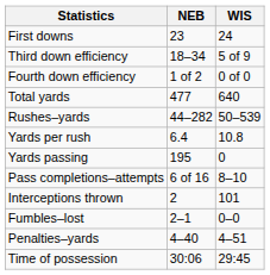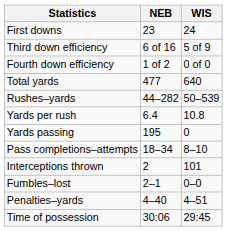 <table class="wikitable" style="float: left;">
 <tr>
 <th>Statistics</th>
 <th>NEB</th>
 <th>WIS</th>
 </tr>
 <tr>
 <td>First downs</td>
 <td>23</td>
 <td>24</td>
 </tr>
 <tr>
 <td>Third down efficiency</td>
-<td>18–34</td>
+<td>6 of 16</td>
 <td>5 of 9</td>
 </tr>
 <tr>
 <td>Fourth down efficiency</td>
 <td>1 of 2</td>
 <td>0 of 0</td>
 </tr>
 <tr>
 <td>Total yards</td>
 <td>477</td>
 <td>640</td>
 </tr>
 <tr>
 <td>Rushes–yards</td>
 <td>44–282</td>
 <td>50–539</td>
 </tr>
 <tr>
 <td>Yards per rush</td>
 <td>6.4</td>
 <td>10.8</td>
 </tr>
 <tr>
 <td>Yards passing</td>
 <td>195</td>
 <td>0</td>
 </tr>
 <tr>
 <td>Pass completions–attempts</td>
-<td>6 of 16</td>
+<td>18–34</td>
 <td>8–10</td>
 </tr>
 <tr>
 <td>Interceptions thrown</td>
 <td>2</td>
 <td>101</td>
 </tr>
 <tr>
 <td>Fumbles–lost</td>
 <td>2–1</td>
 <td>0–0</td>
 </tr>
 <tr>
 <td>Penalties–yards</td>
 <td>4–40</td>
 <td>4–51</td>
 </tr>
 <tr>
 <td>Time of possession</td>
 <td>30:06</td>
 <td>29:45</td>
 </tr>
 </table>
